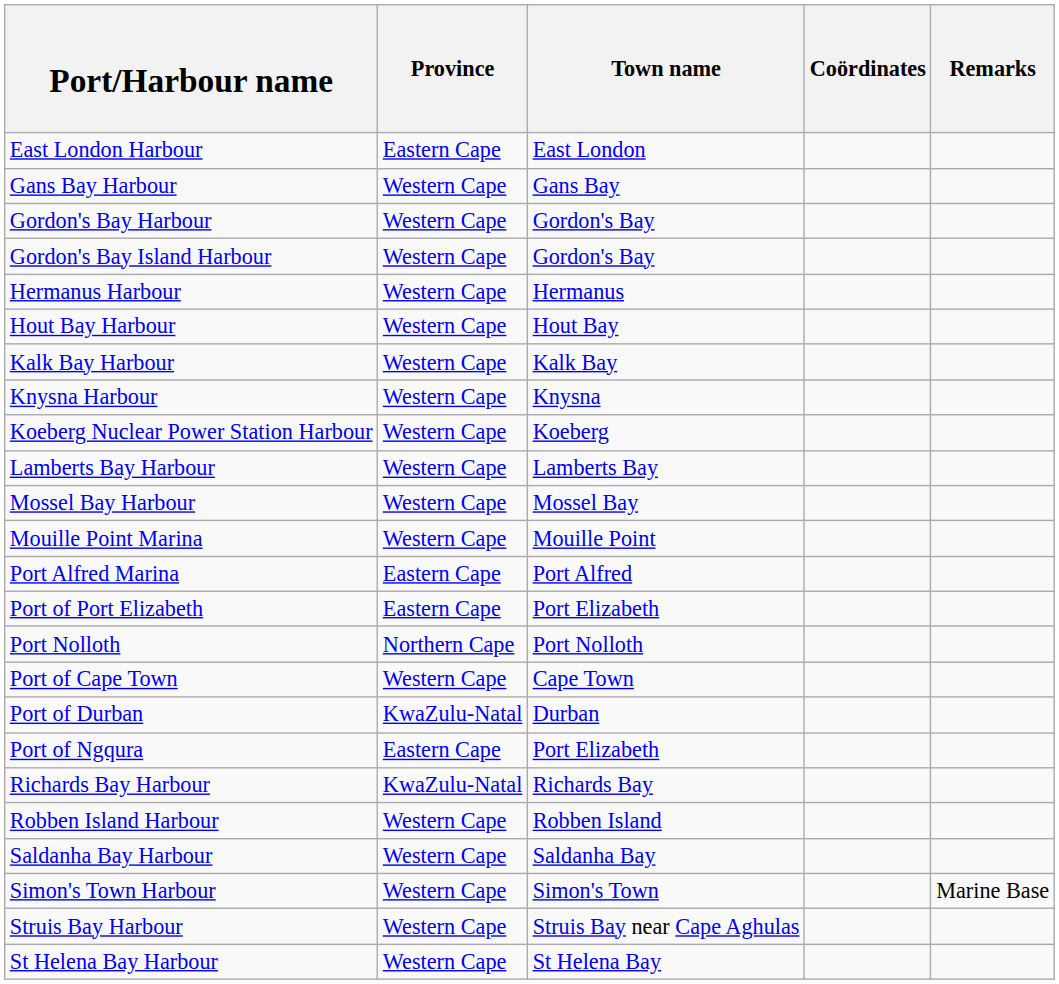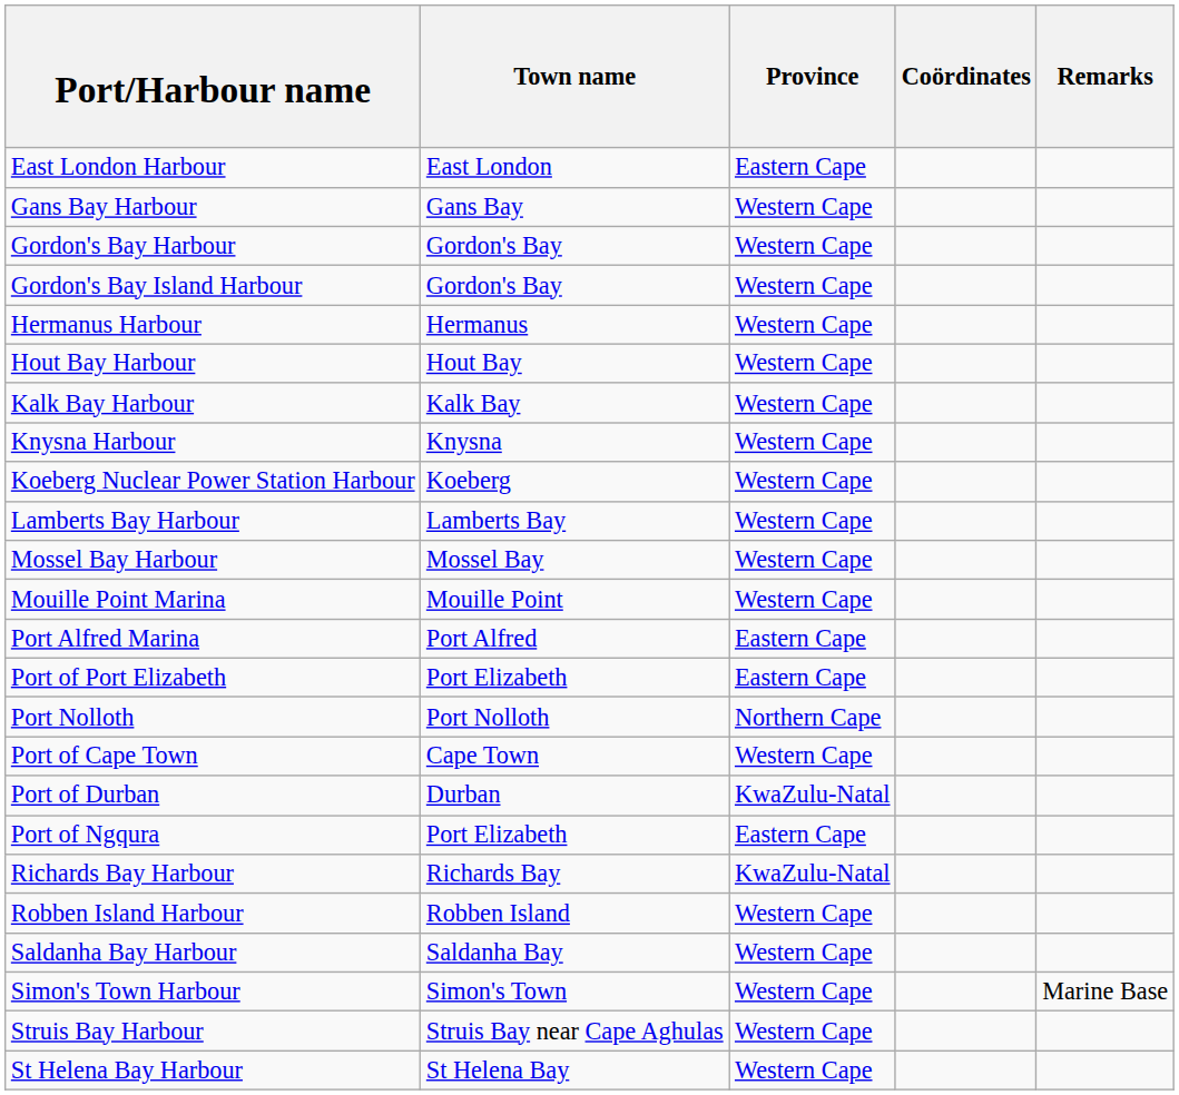 <table class="wikitable sortable">
 <tr>
 <th><br><h2>Port/Harbour name</h2></th>
+<th>Town name</th>
 <th>Province</th>
-<th>Town name</th>
 <th>Coördinates</th>
 <th>Remarks</th>
 </tr>
 <tr>
 <td><a href='#'>East London Harbour</a></td>
+<td><a href='#'>East London</a></td>
 <td><a href='#'>Eastern Cape</a></td>
-<td><a href='#'>East London</a></td>
 <td></td>
 <td></td>
 </tr>
 <tr>
 <td><a href='#'>Gans Bay Harbour</a></td>
+<td><a href='#'>Gans Bay</a></td>
 <td><a href='#'>Western Cape</a></td>
-<td><a href='#'>Gans Bay</a></td>
 <td></td>
 <td></td>
 </tr>
 <tr>
 <td><a href='#'>Gordon's Bay Harbour</a></td>
+<td><a href='#'>Gordon's Bay</a></td>
 <td><a href='#'>Western Cape</a></td>
-<td><a href='#'>Gordon's Bay</a></td>
 <td></td>
 <td></td>
 </tr>
 <tr>
 <td><a href='#'>Gordon's Bay Island Harbour</a></td>
+<td><a href='#'>Gordon's Bay</a></td>
 <td><a href='#'>Western Cape</a></td>
-<td><a href='#'>Gordon's Bay</a></td>
 <td></td>
 <td></td>
 </tr>
 <tr>
 <td><a href='#'>Hermanus Harbour</a></td>
+<td><a href='#'>Hermanus</a></td>
 <td><a href='#'>Western Cape</a></td>
-<td><a href='#'>Hermanus</a></td>
 <td></td>
 <td></td>
 </tr>
 <tr>
 <td><a href='#'>Hout Bay Harbour</a></td>
+<td><a href='#'>Hout Bay</a></td>
 <td><a href='#'>Western Cape</a></td>
-<td><a href='#'>Hout Bay</a></td>
 <td></td>
 <td></td>
 </tr>
 <tr>
 <td><a href='#'>Kalk Bay Harbour</a></td>
+<td><a href='#'>Kalk Bay</a></td>
 <td><a href='#'>Western Cape</a></td>
-<td><a href='#'>Kalk Bay</a></td>
 <td></td>
 <td></td>
 </tr>
 <tr>
 <td><a href='#'>Knysna Harbour</a></td>
+<td><a href='#'>Knysna</a></td>
 <td><a href='#'>Western Cape</a></td>
-<td><a href='#'>Knysna</a></td>
 <td></td>
 <td></td>
 </tr>
 <tr>
 <td><a href='#'>Koeberg Nuclear Power Station Harbour</a></td>
+<td><a href='#'>Koeberg</a></td>
 <td><a href='#'>Western Cape</a></td>
-<td><a href='#'>Koeberg</a></td>
 <td></td>
 <td></td>
 </tr>
 <tr>
 <td><a href='#'>Lamberts Bay Harbour</a></td>
+<td><a href='#'>Lamberts Bay</a></td>
 <td><a href='#'>Western Cape</a></td>
-<td><a href='#'>Lamberts Bay</a></td>
 <td></td>
 <td></td>
 </tr>
 <tr>
 <td><a href='#'>Mossel Bay Harbour</a></td>
+<td><a href='#'>Mossel Bay</a></td>
 <td><a href='#'>Western Cape</a></td>
-<td><a href='#'>Mossel Bay</a></td>
 <td></td>
 <td></td>
 </tr>
 <tr>
 <td><a href='#'>Mouille Point Marina</a></td>
+<td><a href='#'>Mouille Point</a></td>
 <td><a href='#'>Western Cape</a></td>
-<td><a href='#'>Mouille Point</a></td>
 <td></td>
 <td></td>
 </tr>
 <tr>
 <td><a href='#'>Port Alfred Marina</a></td>
+<td><a href='#'>Port Alfred</a></td>
 <td><a href='#'>Eastern Cape</a></td>
-<td><a href='#'>Port Alfred</a></td>
 <td></td>
 <td></td>
 </tr>
 <tr>
 <td><a href='#'>Port of Port Elizabeth</a></td>
+<td><a href='#'>Port Elizabeth</a></td>
 <td><a href='#'>Eastern Cape</a></td>
-<td><a href='#'>Port Elizabeth</a></td>
 <td></td>
 <td></td>
 </tr>
 <tr>
 <td><a href='#'>Port Nolloth</a></td>
+<td><a href='#'>Port Nolloth</a></td>
 <td><a href='#'>Northern Cape</a></td>
-<td><a href='#'>Port Nolloth</a></td>
 <td></td>
 <td></td>
 </tr>
 <tr>
 <td><a href='#'>Port of Cape Town</a></td>
+<td><a href='#'>Cape Town</a></td>
 <td><a href='#'>Western Cape</a></td>
-<td><a href='#'>Cape Town</a></td>
 <td></td>
 <td></td>
 </tr>
 <tr>
 <td><a href='#'>Port of Durban</a></td>
+<td><a href='#'>Durban</a></td>
 <td><a href='#'>KwaZulu-Natal</a></td>
-<td><a href='#'>Durban</a></td>
 <td></td>
 <td></td>
 </tr>
 <tr>
 <td><a href='#'>Port of Ngqura</a></td>
+<td><a href='#'>Port Elizabeth</a></td>
 <td><a href='#'>Eastern Cape</a></td>
-<td><a href='#'>Port Elizabeth</a></td>
 <td></td>
 <td></td>
 </tr>
 <tr>
 <td><a href='#'>Richards Bay Harbour</a></td>
+<td><a href='#'>Richards Bay</a></td>
 <td><a href='#'>KwaZulu-Natal</a></td>
-<td><a href='#'>Richards Bay</a></td>
 <td></td>
 <td></td>
 </tr>
 <tr>
 <td><a href='#'>Robben Island Harbour</a></td>
+<td><a href='#'>Robben Island</a></td>
 <td><a href='#'>Western Cape</a></td>
-<td><a href='#'>Robben Island</a></td>
 <td></td>
 <td></td>
 </tr>
 <tr>
 <td><a href='#'>Saldanha Bay Harbour</a></td>
+<td><a href='#'>Saldanha Bay</a></td>
 <td><a href='#'>Western Cape</a></td>
-<td><a href='#'>Saldanha Bay</a></td>
 <td></td>
 <td></td>
 </tr>
 <tr>
 <td><a href='#'>Simon's Town Harbour</a></td>
+<td><a href='#'>Simon's Town</a></td>
 <td><a href='#'>Western Cape</a></td>
-<td><a href='#'>Simon's Town</a></td>
 <td></td>
 <td>Marine Base</td>
 </tr>
 <tr>
 <td><a href='#'>Struis Bay Harbour</a></td>
+<td><a href='#'>Struis Bay</a> near <a href='#'>Cape Aghulas</a></td>
 <td><a href='#'>Western Cape</a></td>
-<td><a href='#'>Struis Bay</a> near <a href='#'>Cape Aghulas</a></td>
 <td></td>
 <td></td>
 </tr>
 <tr>
 <td><a href='#'>St Helena Bay Harbour</a></td>
+<td><a href='#'>St Helena Bay</a></td>
 <td><a href='#'>Western Cape</a></td>
-<td><a href='#'>St Helena Bay</a></td>
 <td></td>
 <td></td>
 </tr>
 </table>
